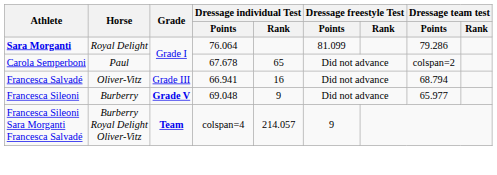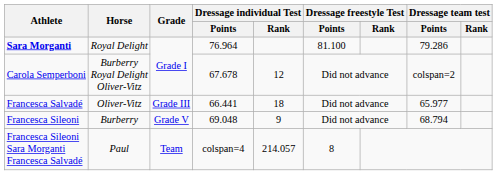 <table class=wikitable style=font-size:90%;text-align:center>
 <tr>
 <th rowspan=2>Athlete</th>
 <th rowspan=2>Horse</th>
 <th rowspan=2>Grade</th>
 <th colspan=2>Dressage individual Test</th>
 <th colspan=2>Dressage freestyle Test</th>
 <th colspan=2>Dressage team test</th>
 </tr>
 <tr style="font-size:95%">
 <th>Points</th>
 <th>Rank</th>
 <th>Points</th>
 <th>Rank</th>
 <th>Points</th>
 <th>Rank</th>
 </tr>
 <tr align=center>
 <td align=left><strong><a href='#'>Sara Morganti</a></strong></td>
 <td><em>Royal Delight</em></td>
 <td rowspan=2><a href='#'>Grade I</a></td>
-<td>76.064</td>
+<td>76.964</td>
 <td></td>
-<td>81.099</td>
+<td>81.100</td>
 <td></td>
 <td>79.286</td>
 <td></td>
 </tr>
 <tr align=center>
 <td align=left><a href='#'>Carola Semperboni</a></td>
-<td><em>Paul</em></td>
+<td><em>Burberry</em><br><em>Royal Delight</em><br><em>Oliver-Vitz</em></td>
 <td>67.678</td>
-<td>65</td>
+<td>12</td>
 <td colspan=2>Did not advance</td>
 <td>colspan=2 </td>
 </tr>
 <tr align=center>
 <td align=left><a href='#'>Francesca Salvadé</a></td>
 <td><em>Oliver-Vitz</em></td>
 <td><a href='#'>Grade III</a></td>
-<td>66.941</td>
-<td>16</td>
+<td>66.441</td>
+<td>18</td>
+<td colspan=2>Did not advance</td>
+<td>65.977</td>
+<td></td>
+</tr>
+<tr align=center>
+<td align=left><a href='#'>Francesca Sileoni</a></td>
+<td><em>Burberry</em></td>
+<td><a href='#'>Grade V</a></td>
+<td>69.048</td>
+<td>9</td>
 <td colspan=2>Did not advance</td>
 <td>68.794</td>
 <td></td>
 </tr>
 <tr align=center>
-<td align=left><a href='#'>Francesca Sileoni</a></td>
-<td><em>Burberry</em></td>
-<td><strong><a href='#'>Grade V</a></strong></td>
-<td>69.048</td>
-<td>9</td>
-<td colspan=2>Did not advance</td>
-<td>65.977</td>
-<td></td>
-</tr>
-<tr align=center>
 <td align=left><a href='#'>Francesca Sileoni</a><br><a href='#'>Sara Morganti</a><br><a href='#'>Francesca Salvadé</a></td>
-<td><em>Burberry</em><br><em>Royal Delight</em><br><em>Oliver-Vitz</em></td>
-<td><strong><a href='#'>Team</a></strong></td>
+<td><em>Paul</em></td>
+<td><a href='#'>Team</a></td>
 <td>colspan=4 </td>
 <td>214.057</td>
-<td>9</td>
+<td>8</td>
 </tr>
 </table>
